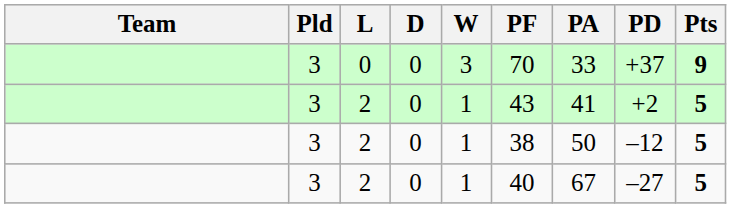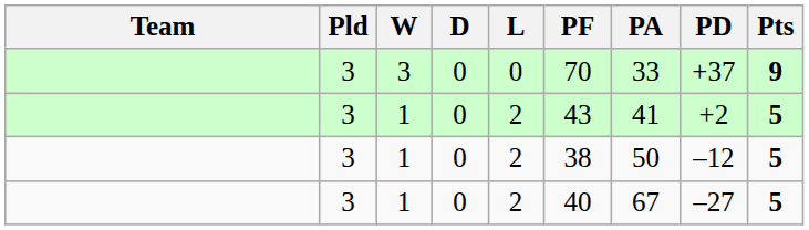 <table class="wikitable" style="text-align:center;">
 <tr>
 <th width=175>Team</th>
 <th width=25 abbr="Played">Pld</th>
+<th width=25 abbr="Won">W</th>
+<th width=25 abbr="Drawn">D</th>
 <th width=25 abbr="Lost">L</th>
-<th width=25 abbr="Drawn">D</th>
-<th width=25 abbr="Won">W</th>
 <th width=32 abbr="Points for">PF</th>
 <th width=32 abbr="Points against">PA</th>
 <th width=32 abbr="Points difference">PD</th>
 <th width=25 abbr="Points">Pts</th>
 </tr>
 <tr bgcolor=ccffcc>
 <td align=left></td>
 <td>3</td>
+<td>3</td>
 <td>0</td>
 <td>0</td>
-<td>3</td>
 <td>70</td>
 <td>33</td>
 <td>+37</td>
 <td><strong>9</strong></td>
 </tr>
 <tr bgcolor=ccffcc>
 <td align=left></td>
 <td>3</td>
+<td>1</td>
+<td>0</td>
 <td>2</td>
-<td>0</td>
-<td>1</td>
 <td>43</td>
 <td>41</td>
 <td>+2</td>
 <td><strong>5</strong></td>
 </tr>
 <tr>
 <td align=left></td>
 <td>3</td>
+<td>1</td>
+<td>0</td>
 <td>2</td>
-<td>0</td>
-<td>1</td>
 <td>38</td>
 <td>50</td>
 <td>–12</td>
 <td><strong>5</strong></td>
 </tr>
 <tr>
 <td align=left></td>
 <td>3</td>
+<td>1</td>
+<td>0</td>
 <td>2</td>
-<td>0</td>
-<td>1</td>
 <td>40</td>
 <td>67</td>
 <td>–27</td>
 <td><strong>5</strong></td>
 </tr>
 </table>
